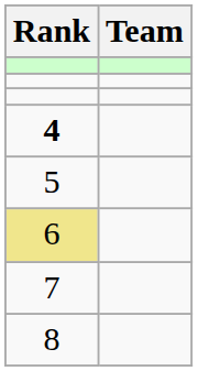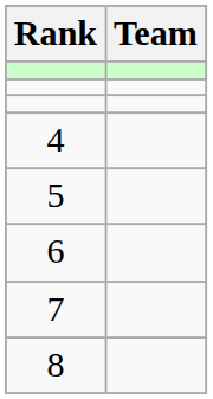 <table class=wikitable style="text-align:center">
 <tr>
 <th>Rank</th>
 <th>Team</th>
 </tr>
 <tr bgcolor=#ccffcc>
 <td></td>
 <td align=left></td>
 </tr>
 <tr>
 <td></td>
 <td align=left></td>
 </tr>
 <tr>
 <td></td>
 <td align=left></td>
 </tr>
 <tr>
-<td><strong>4</strong></td>
+<td>4</td>
 <td align=left></td>
 </tr>
 <tr>
 <td>5</td>
 <td align=left></td>
 </tr>
 <tr>
-<td style="background: khaki;">6</td>
+<td>6</td>
 <td align=left></td>
 </tr>
 <tr>
 <td>7</td>
 <td align=left></td>
 </tr>
 <tr>
 <td>8</td>
 <td align=left></td>
 </tr>
 </table>
